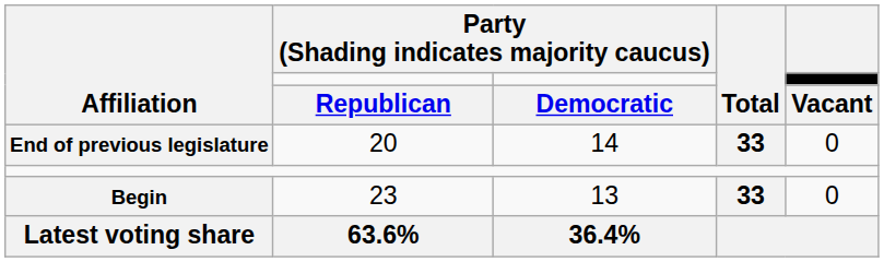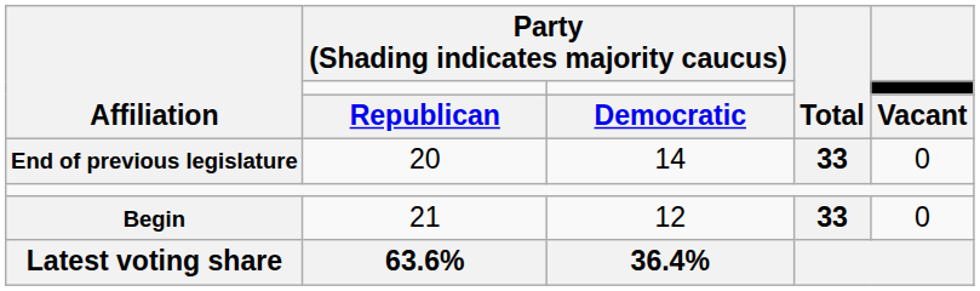 <table class=wikitable style="text-align:center">
 <tr style="vertical-align:bottom;">
 <th rowspan=3>Affiliation</th>
 <th colspan=2>Party <div>(Shading indicates majority caucus)</div></th>
 <th rowspan=3>Total</th>
 <th></th>
 </tr>
 <tr style="height:5px">
 <td style="background-color:"></td>
 <td style="background-color:"></td>
 <td style="background-color:black"></td>
 </tr>
 <tr>
 <th><a href='#'>Republican</a></th>
 <th><a href='#'>Democratic</a></th>
 <th>Vacant</th>
 </tr>
 <tr>
 <th nowrap style="font-size:80%">End of previous legislature</th>
 <td>20</td>
 <td>14</td>
 <th>33</th>
 <td>0</td>
 </tr>
 <tr>
 <td colspan=5></td>
 </tr>
 <tr>
 <th nowrap style="font-size:80%">Begin</th>
-<td>23</td>
-<td>13</td>
+<td>21</td>
+<td>12</td>
 <th>33</th>
 <td>0</td>
 </tr>
 <tr>
 <th>Latest voting share</th>
 <th>63.6% </th>
 <th>36.4%</th>
 <th colspan=2></th>
 </tr>
 </table>
